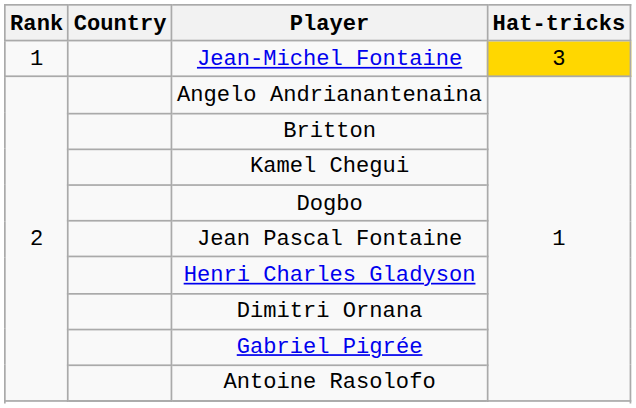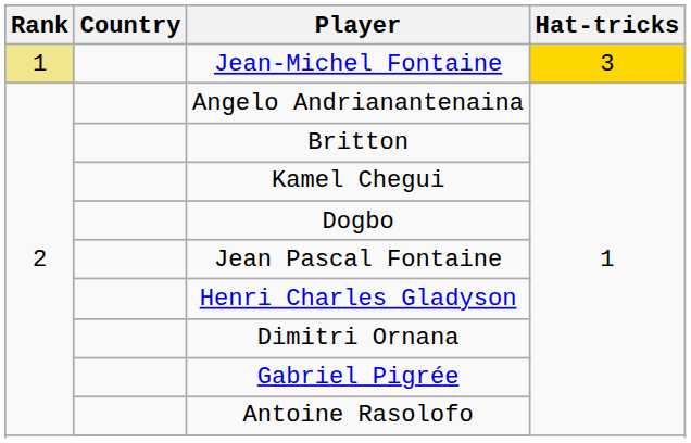 <table class="wikitable" style="text-align:center;">
 <tr>
 <th>Rank</th>
 <th>Country</th>
 <th>Player</th>
 <th>Hat-tricks</th>
 </tr>
 <tr>
-<td>1</td>
+<td style="background: khaki;">1</td>
 <td></td>
 <td><a href='#'>Jean-Michel Fontaine</a></td>
 <td style="background: gold;">3</td>
 </tr>
 <tr>
 <td rowspan=10>2</td>
 <td></td>
 <td>Angelo Andrianantenaina</td>
 <td rowspan=10>1</td>
 </tr>
 <tr>
 <td></td>
 <td>Britton</td>
 </tr>
 <tr>
 <td></td>
 <td>Kamel Chegui</td>
 </tr>
 <tr>
 <td></td>
 <td>Dogbo</td>
 </tr>
 <tr>
 <td></td>
 <td>Jean Pascal Fontaine</td>
 </tr>
 <tr>
 <td></td>
 <td><a href='#'>Henri Charles Gladyson</a></td>
 </tr>
 <tr>
 <td></td>
 <td>Dimitri Ornana</td>
 </tr>
 <tr>
 <td></td>
 <td><a href='#'>Gabriel Pigrée</a></td>
 </tr>
 <tr>
 <td></td>
 <td>Antoine Rasolofo</td>
 </tr>
 <tr>
 </tr>
 </table>
